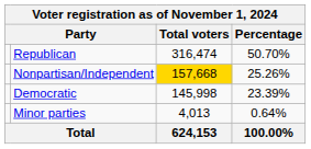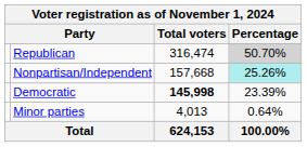 <table class=wikitable>
 <tr>
 <th colspan="4">Voter registration as of November 1, 2024</th>
 </tr>
 <tr>
 <th colspan = 2>Party</th>
 <th>Total voters</th>
 <th>Percentage</th>
 </tr>
 <tr>
 <td></td>
 <td><a href='#'>Republican</a></td>
 <td align=center>316,474</td>
-<td align=center>50.70%</td>
+<td align=center style="background: lightgrey;">50.70%</td>
 </tr>
 <tr>
 <td></td>
 <td><a href='#'>Nonpartisan/Independent</a></td>
-<td align=center style="background: gold;">157,668</td>
-<td align=center>25.26%</td>
+<td align=center>157,668</td>
+<td align=center style="background: paleturquoise;">25.26%</td>
 </tr>
 <tr>
 <td></td>
 <td><a href='#'>Democratic</a></td>
-<td align=center>145,998</td>
+<td align=center><strong>145,998</strong></td>
 <td align=center>23.39%</td>
 </tr>
 <tr>
 <td></td>
 <td><a href='#'>Minor parties</a></td>
 <td align=center>4,013</td>
 <td align=center>0.64%</td>
 </tr>
 <tr>
 <th colspan = 2>Total</th>
 <th align=center>624,153</th>
 <th align=center>100.00%</th>
 </tr>
 </table>
